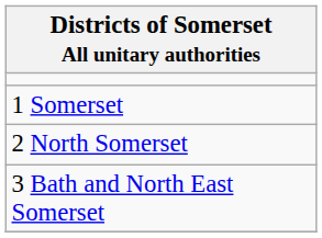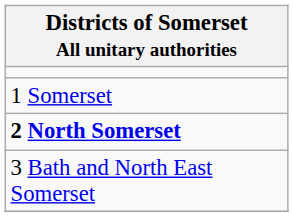 <table class="wikitable"  style="float:right; width:200px;">
 <tr>
 <th>Districts of Somerset<br><small>All unitary authorities</small></th>
 </tr>
 <tr>
 <td></td>
 </tr>
 <tr>
 <td>1 <a href='#'>Somerset</a></td>
 </tr>
 <tr>
-<td>2 <a href='#'>North Somerset</a></td>
+<td><strong>2 <a href='#'>North Somerset</a></strong></td>
 </tr>
 <tr>
 <td>3 <a href='#'>Bath and North East Somerset</a></td>
 </tr>
 <tr>
 </tr>
 </table>
